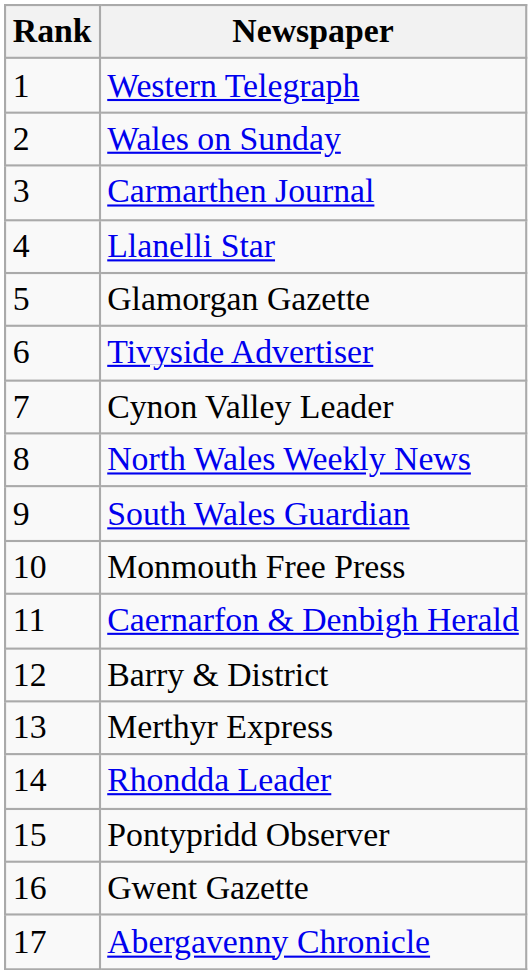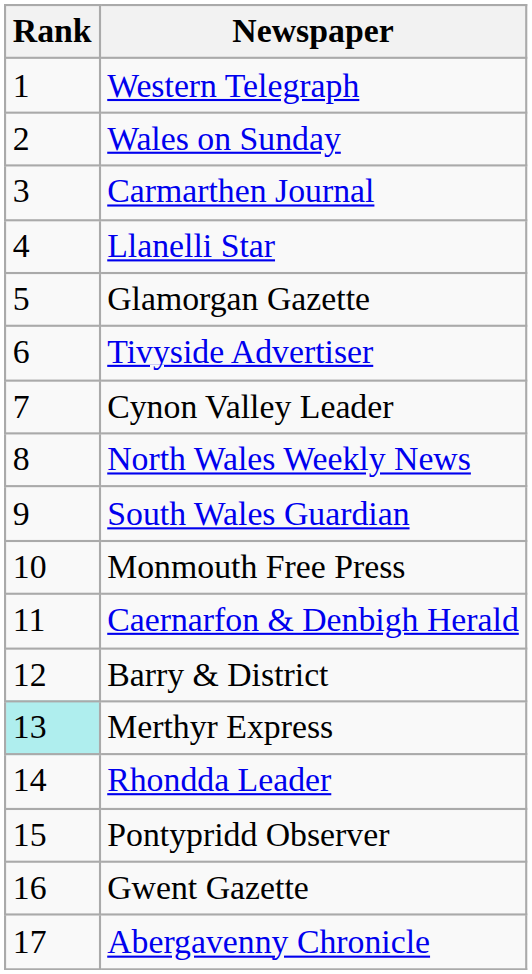 <table class="wikitable sortable">
 <tr>
 <th>Rank</th>
 <th>Newspaper</th>
 </tr>
 <tr>
 <td>1</td>
 <td><a href='#'>Western Telegraph</a></td>
 </tr>
 <tr>
 <td>2</td>
 <td><a href='#'>Wales on Sunday</a></td>
 </tr>
 <tr>
 <td>3</td>
 <td><a href='#'>Carmarthen Journal</a></td>
 </tr>
 <tr>
 <td>4</td>
 <td><a href='#'>Llanelli Star</a></td>
 </tr>
 <tr>
 <td>5</td>
 <td>Glamorgan Gazette</td>
 </tr>
 <tr>
 <td>6</td>
 <td><a href='#'>Tivyside Advertiser</a></td>
 </tr>
 <tr>
 <td>7</td>
 <td>Cynon Valley Leader</td>
 </tr>
 <tr>
 <td>8</td>
 <td><a href='#'>North Wales Weekly News</a></td>
 </tr>
 <tr>
 <td>9</td>
 <td><a href='#'>South Wales Guardian</a></td>
 </tr>
 <tr>
 <td>10</td>
 <td>Monmouth Free Press</td>
 </tr>
 <tr>
 <td>11</td>
 <td><a href='#'>Caernarfon & Denbigh Herald</a></td>
 </tr>
 <tr>
 <td>12</td>
 <td>Barry & District</td>
 </tr>
 <tr>
-<td>13</td>
+<td style="background: paleturquoise;">13</td>
 <td>Merthyr Express</td>
 </tr>
 <tr>
 <td>14</td>
 <td><a href='#'>Rhondda Leader</a></td>
 </tr>
 <tr>
 <td>15</td>
 <td>Pontypridd Observer</td>
 </tr>
 <tr>
 <td>16</td>
 <td>Gwent Gazette</td>
 </tr>
 <tr>
 <td>17</td>
 <td><a href='#'>Abergavenny Chronicle</a></td>
 </tr>
 </table>
